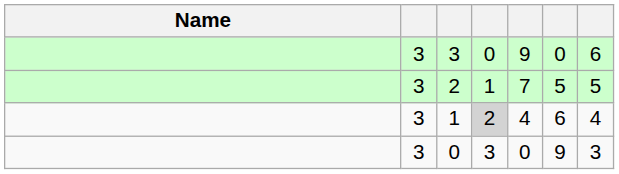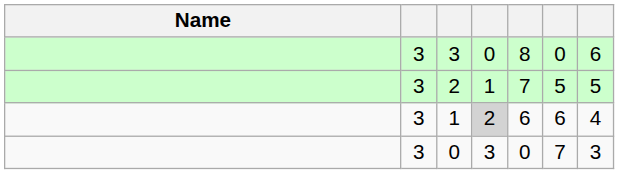 <table class=wikitable style="text-align:center">
 <tr>
 <th width=300>Name</th>
 <th width=20></th>
 <th width=20></th>
 <th width=20></th>
 <th width=20></th>
 <th width=20></th>
 <th width=20></th>
 </tr>
 <tr style="background-color:#ccffcc;">
 <td style="text-align:left;"></td>
 <td>3</td>
 <td>3</td>
 <td>0</td>
-<td>9</td>
+<td>8</td>
 <td>0</td>
 <td>6</td>
 </tr>
 <tr style="background-color:#ccffcc;">
 <td style="text-align:left;"></td>
 <td>3</td>
 <td>2</td>
 <td>1</td>
 <td>7</td>
 <td>5</td>
 <td>5</td>
 </tr>
 <tr>
 <td style="text-align:left;"></td>
 <td>3</td>
 <td>1</td>
 <td style="background: lightgrey;">2</td>
-<td>4</td>
+<td>6</td>
 <td>6</td>
 <td>4</td>
 </tr>
 <tr>
 <td style="text-align:left;"></td>
 <td>3</td>
 <td>0</td>
 <td>3</td>
 <td>0</td>
-<td>9</td>
+<td>7</td>
 <td>3</td>
 </tr>
 </table>
